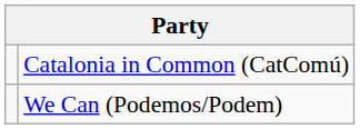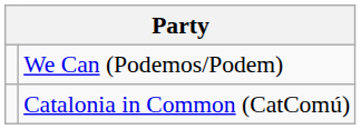 <table class="wikitable" style="text-align:left; font-size:95%;">
 <tr>
 <th colspan="2">Party</th>
 </tr>
 <tr>
+<td></td>
+<td><a href='#'>We Can</a> (Podemos/Podem)</td>
+</tr>
+<tr>
 <td width="1"></td>
 <td><a href='#'>Catalonia in Common</a> (CatComú)</td>
 </tr>
-<tr>
-<td></td>
-<td><a href='#'>We Can</a> (Podemos/Podem)</td>
-</tr>
 </table>
